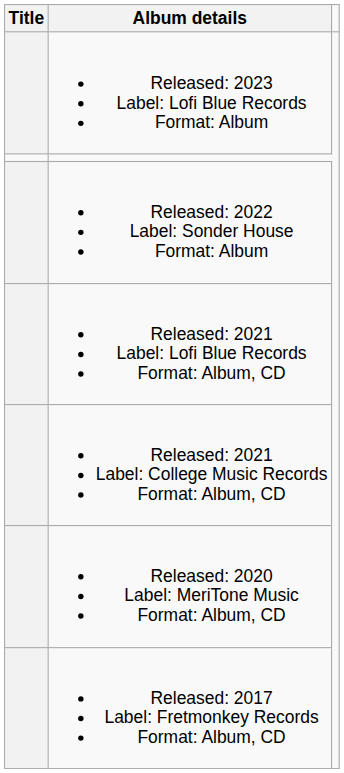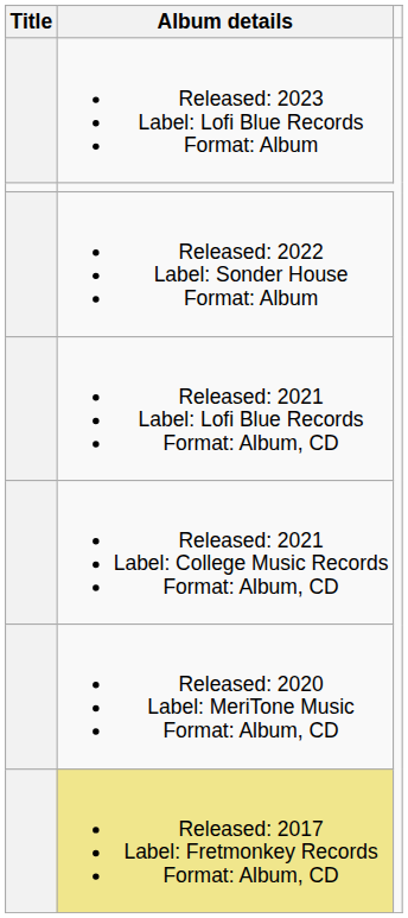 <table class="wikitable plainrowheaders" style="text-align:center;">
 <tr>
 <th scope="col">Title</th>
 <th scope="col">Album details</th>
 <td></td>
 </tr>
 <tr>
 <th></th>
 <td><br><ul><li>Released: 2023</li><li>Label: Lofi Blue Records</li><li>Format: Album</li></ul></td>
 </tr>
 <tr>
 <td></td>
 </tr>
 <tr>
 <th></th>
 <td><br><ul><li>Released: 2022</li><li>Label: Sonder House</li><li>Format: Album</li></ul></td>
 </tr>
 <tr>
 <th></th>
 <td><br><ul><li>Released: 2021</li><li>Label: Lofi Blue Records</li><li>Format: Album, CD</li></ul></td>
 </tr>
 <tr>
 <th></th>
 <td><br><ul><li>Released: 2021</li><li>Label: College Music Records</li><li>Format: Album, CD</li></ul></td>
 </tr>
 <tr>
 <th></th>
 <td><br><ul><li>Released: 2020</li><li>Label: MeriTone Music</li><li>Format: Album, CD</li></ul></td>
 </tr>
 <tr>
 <th scope="row"><em></em></th>
-<td><br><ul><li>Released: 2017</li><li>Label: Fretmonkey Records</li><li>Format: Album, CD</li></ul></td>
+<td style="background: khaki;"><br><ul><li>Released: 2017</li><li>Label: Fretmonkey Records</li><li>Format: Album, CD</li></ul></td>
 </tr>
 </table>
